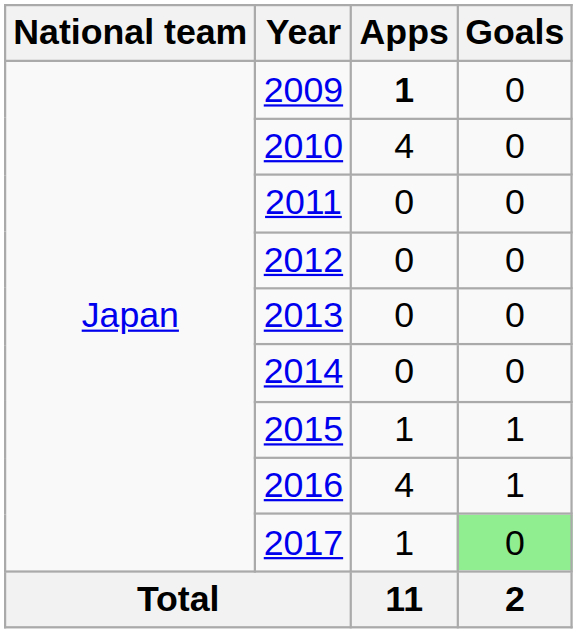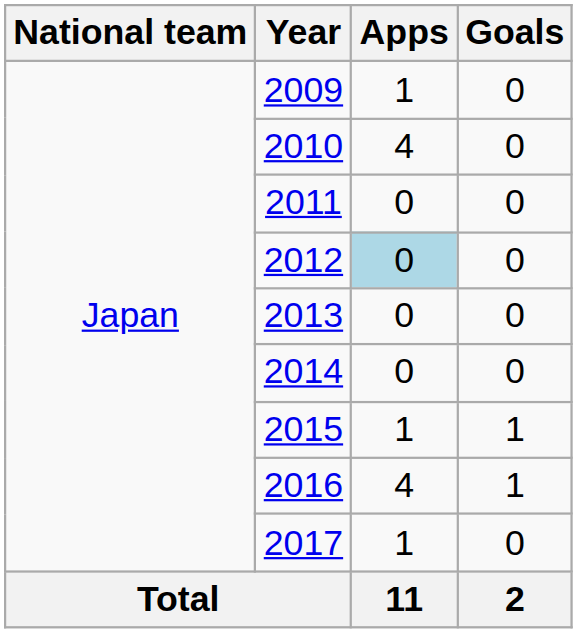 <table class="wikitable" style="text-align:center">
 <tr>
 <th>National team</th>
 <th>Year</th>
 <th>Apps</th>
 <th>Goals</th>
 </tr>
 <tr>
 <td rowspan="9"><a href='#'>Japan</a></td>
 <td><a href='#'>2009</a></td>
-<td><strong>1</strong></td>
+<td>1</td>
 <td>0</td>
 </tr>
 <tr>
 <td><a href='#'>2010</a></td>
 <td>4</td>
 <td>0</td>
 </tr>
 <tr>
 <td><a href='#'>2011</a></td>
 <td>0</td>
 <td>0</td>
 </tr>
 <tr>
 <td><a href='#'>2012</a></td>
-<td>0</td>
+<td style="background: lightblue;">0</td>
 <td>0</td>
 </tr>
 <tr>
 <td><a href='#'>2013</a></td>
 <td>0</td>
 <td>0</td>
 </tr>
 <tr>
 <td><a href='#'>2014</a></td>
 <td>0</td>
 <td>0</td>
 </tr>
 <tr>
 <td><a href='#'>2015</a></td>
 <td>1</td>
 <td>1</td>
 </tr>
 <tr>
 <td><a href='#'>2016</a></td>
 <td>4</td>
 <td>1</td>
 </tr>
 <tr>
 <td><a href='#'>2017</a></td>
 <td>1</td>
-<td style="background: lightgreen;">0</td>
+<td>0</td>
 </tr>
 <tr>
 <th colspan="2">Total</th>
 <th>11</th>
 <th>2</th>
 </tr>
 </table>
